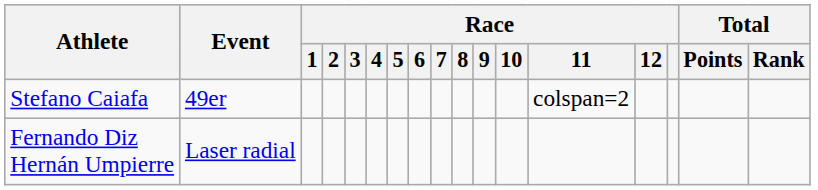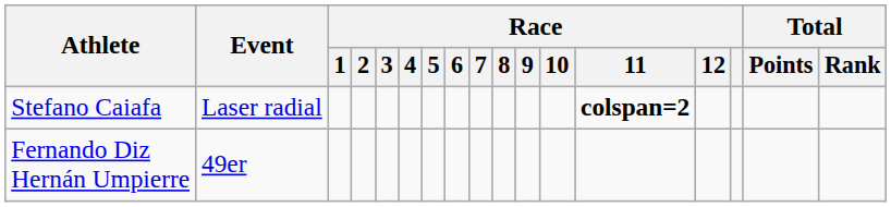 <table class=wikitable style=font-size:90%;text-align:center>
 <tr>
 <th rowspan=2>Athlete</th>
 <th rowspan=2>Event</th>
 <th colspan=13>Race</th>
 <th colspan=2>Total</th>
 </tr>
 <tr style=font-size:95%>
 <th>1</th>
 <th>2</th>
 <th>3</th>
 <th>4</th>
 <th>5</th>
 <th>6</th>
 <th>7</th>
 <th>8</th>
 <th>9</th>
 <th>10</th>
 <th>11</th>
 <th>12</th>
 <th></th>
 <th>Points</th>
 <th>Rank</th>
 </tr>
 <tr>
 <td align=left><a href='#'>Stefano Caiafa</a></td>
-<td align=left><a href='#'>49er</a></td>
+<td align=left><a href='#'>Laser radial</a></td>
 <td></td>
 <td></td>
 <td></td>
 <td></td>
 <td></td>
 <td></td>
 <td></td>
 <td></td>
 <td></td>
 <td></td>
-<td>colspan=2 </td>
+<td><strong>colspan=2 </strong></td>
 <td></td>
 <td></td>
 <td></td>
 </tr>
 <tr>
 <td align=left><a href='#'>Fernando Diz</a><br><a href='#'>Hernán Umpierre</a></td>
-<td align=left><a href='#'>Laser radial</a></td>
+<td align=left><a href='#'>49er</a></td>
 <td></td>
 <td></td>
 <td></td>
 <td></td>
 <td></td>
 <td></td>
 <td></td>
 <td></td>
 <td></td>
 <td></td>
 <td></td>
 <td></td>
 <td></td>
 <td></td>
 <td></td>
 </tr>
 </table>
